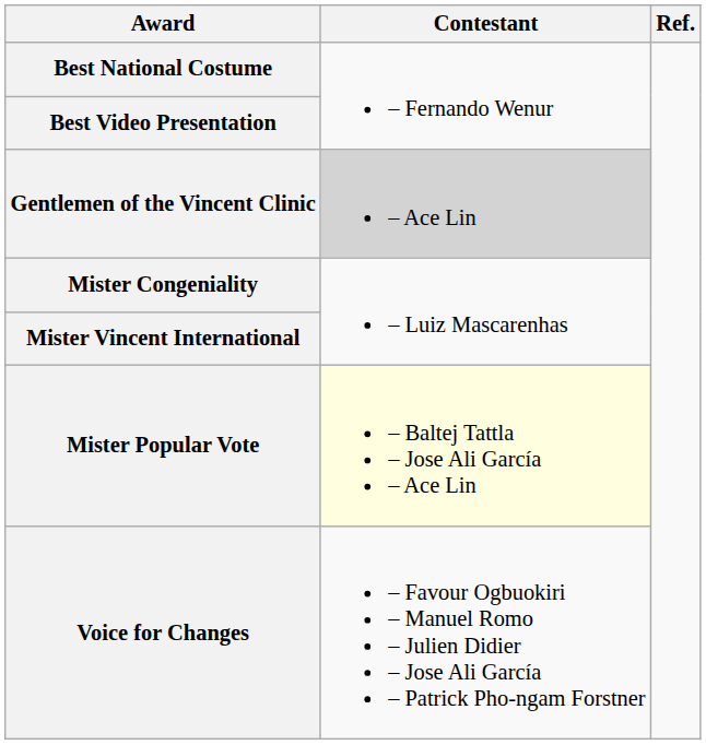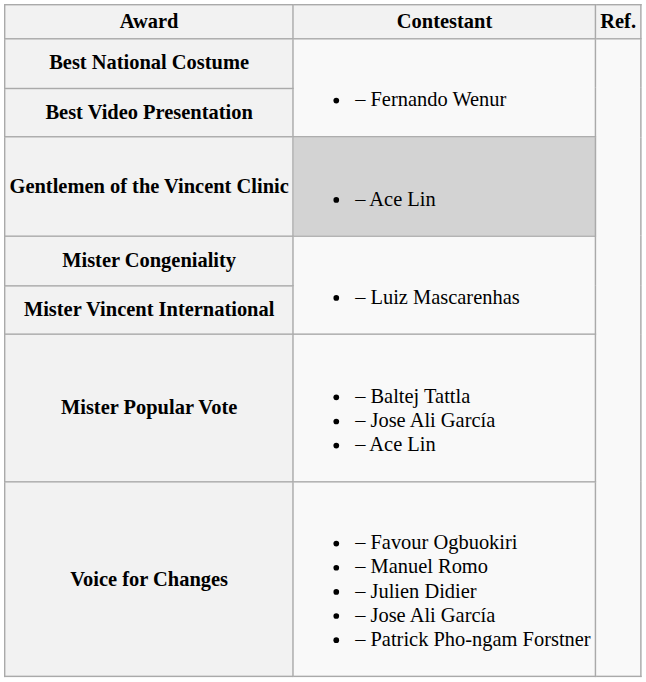 <table class="wikitable sortable" style="font-size: 90%;">
 <tr>
 <th>Award</th>
 <th>Contestant</th>
 <th>Ref.</th>
 </tr>
 <tr>
 <th>Best National Costume</th>
 <td rowspan="2"><br><ul><li> – Fernando Wenur</li></ul></td>
 </tr>
 <tr>
 <th>Best Video Presentation</th>
 </tr>
 <tr>
 <th>Gentlemen of the Vincent Clinic</th>
 <td style="background: lightgrey;"><br><ul><li> – Ace Lin</li></ul></td>
 </tr>
 <tr>
 <th>Mister Congeniality</th>
 <td rowspan="2"><br><ul><li> – Luiz Mascarenhas</li></ul></td>
 </tr>
 <tr>
 <th>Mister Vincent International</th>
 </tr>
 <tr>
 <th>Mister Popular Vote</th>
-<td style="background: lightyellow;"><br><ul><li>  – Baltej Tattla</li><li>  – Jose Ali García</li><li>  – Ace Lin</li></ul></td>
+<td><br><ul><li>  – Baltej Tattla</li><li>  – Jose Ali García</li><li>  – Ace Lin</li></ul></td>
 </tr>
 <tr>
 <th>Voice for Changes</th>
 <td><br><ul><li>  – Favour Ogbuokiri</li><li>  – Manuel Romo</li><li>  – Julien Didier</li><li>  – Jose Ali García</li><li>  – Patrick Pho-ngam Forstner</li></ul></td>
 </tr>
 </table>
